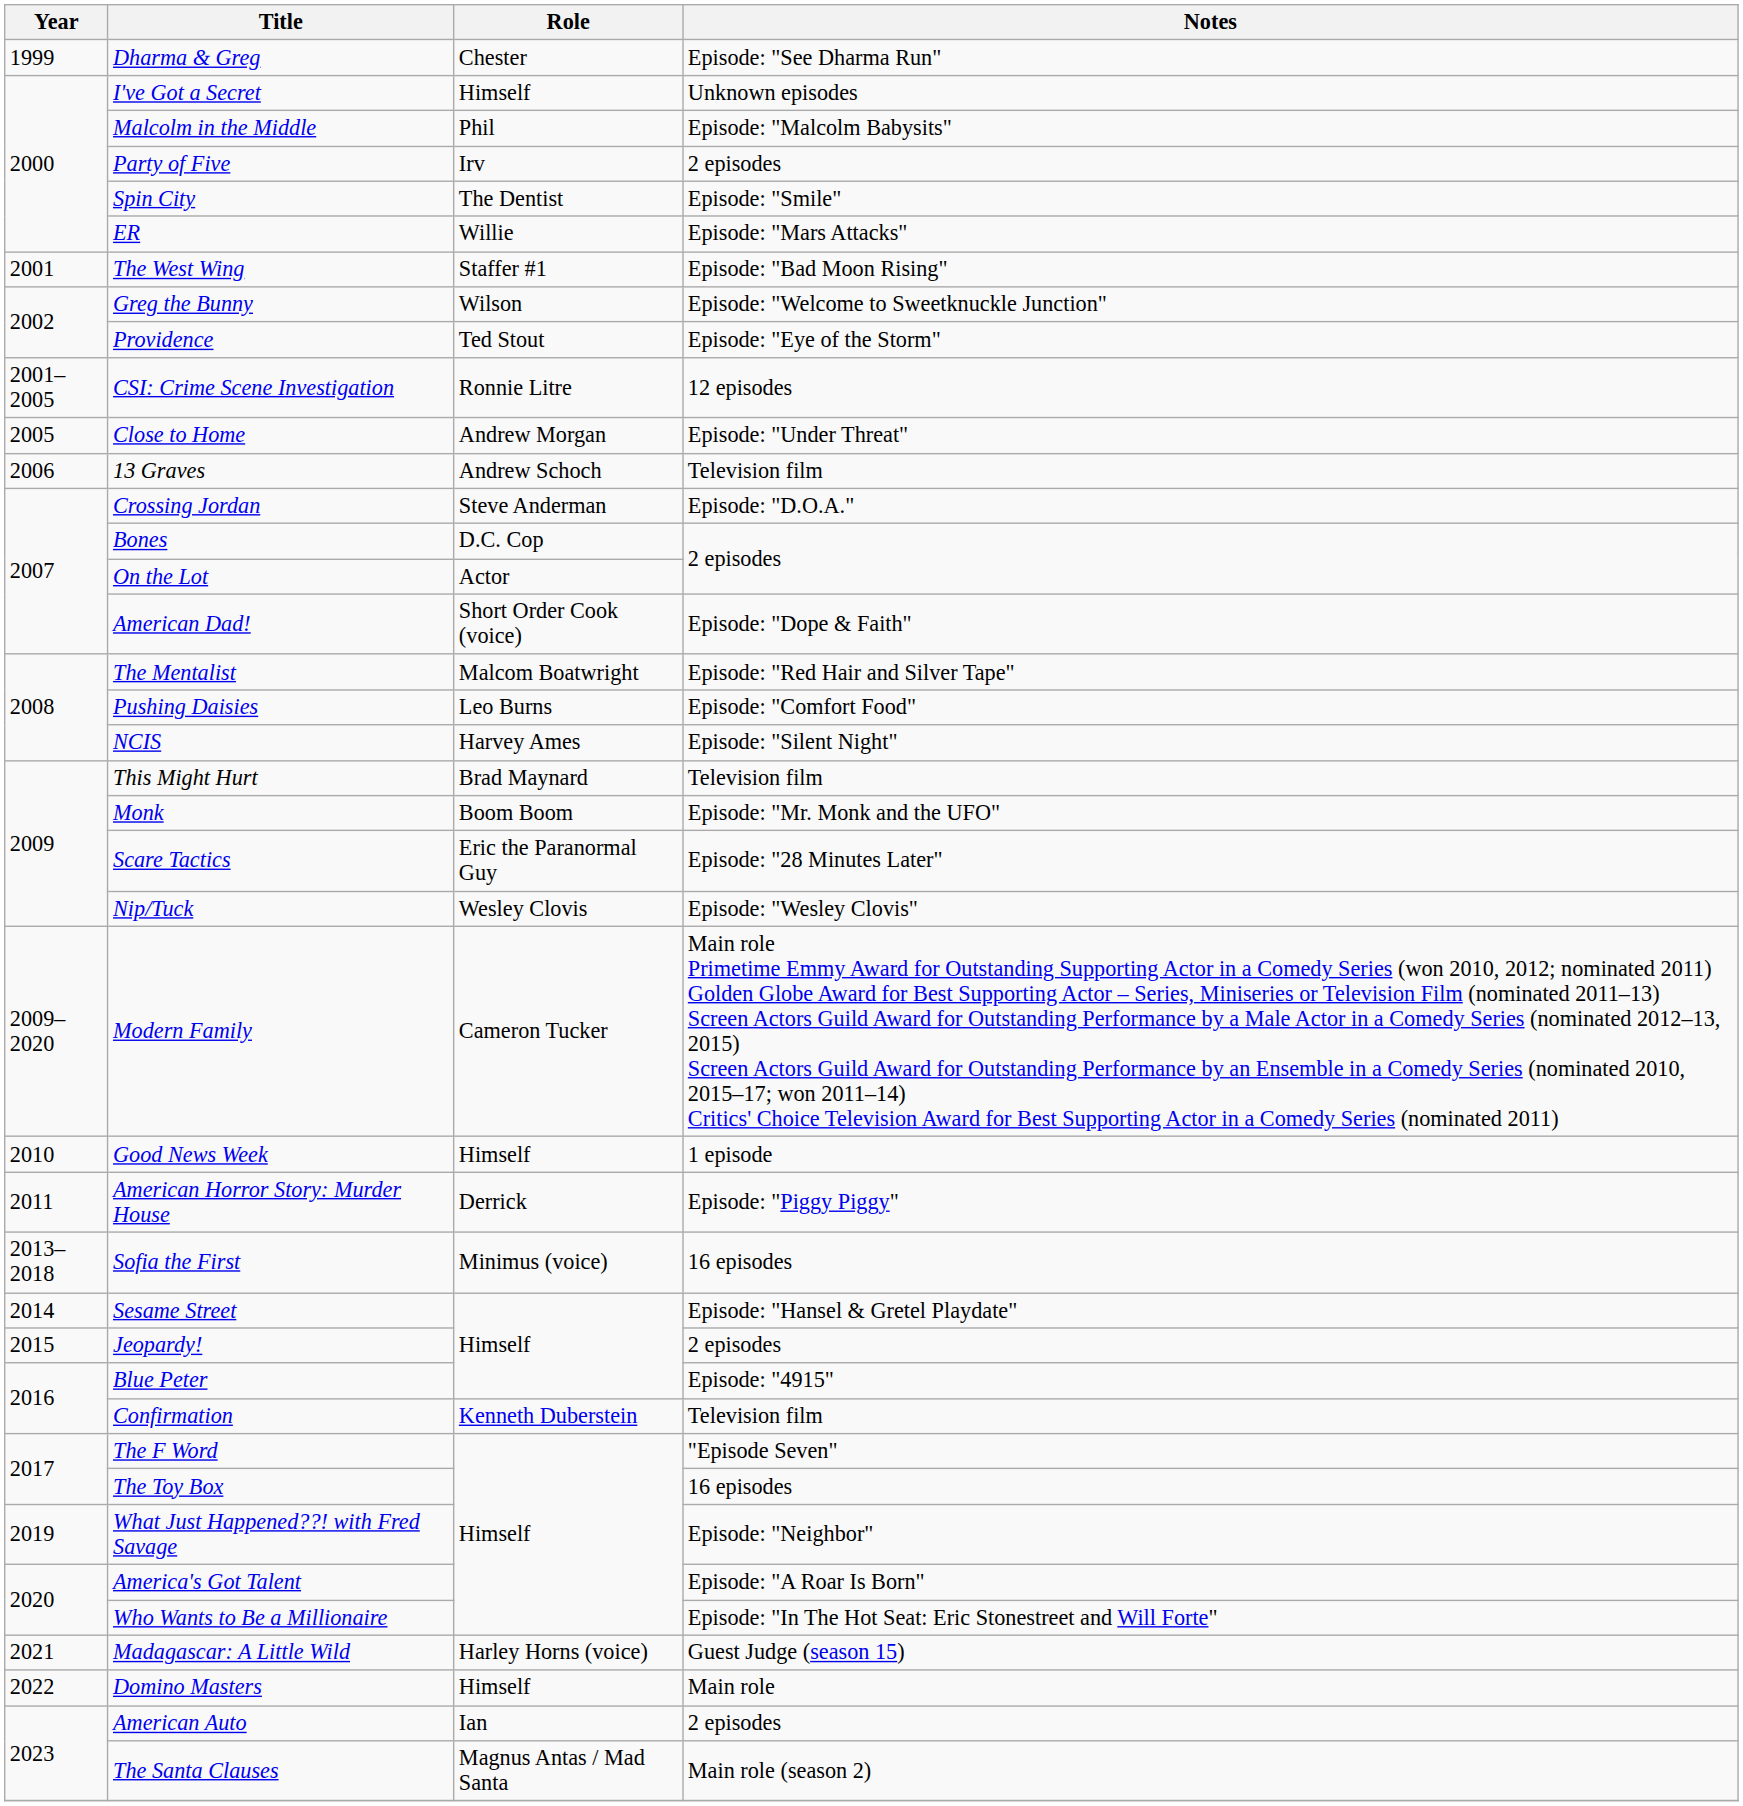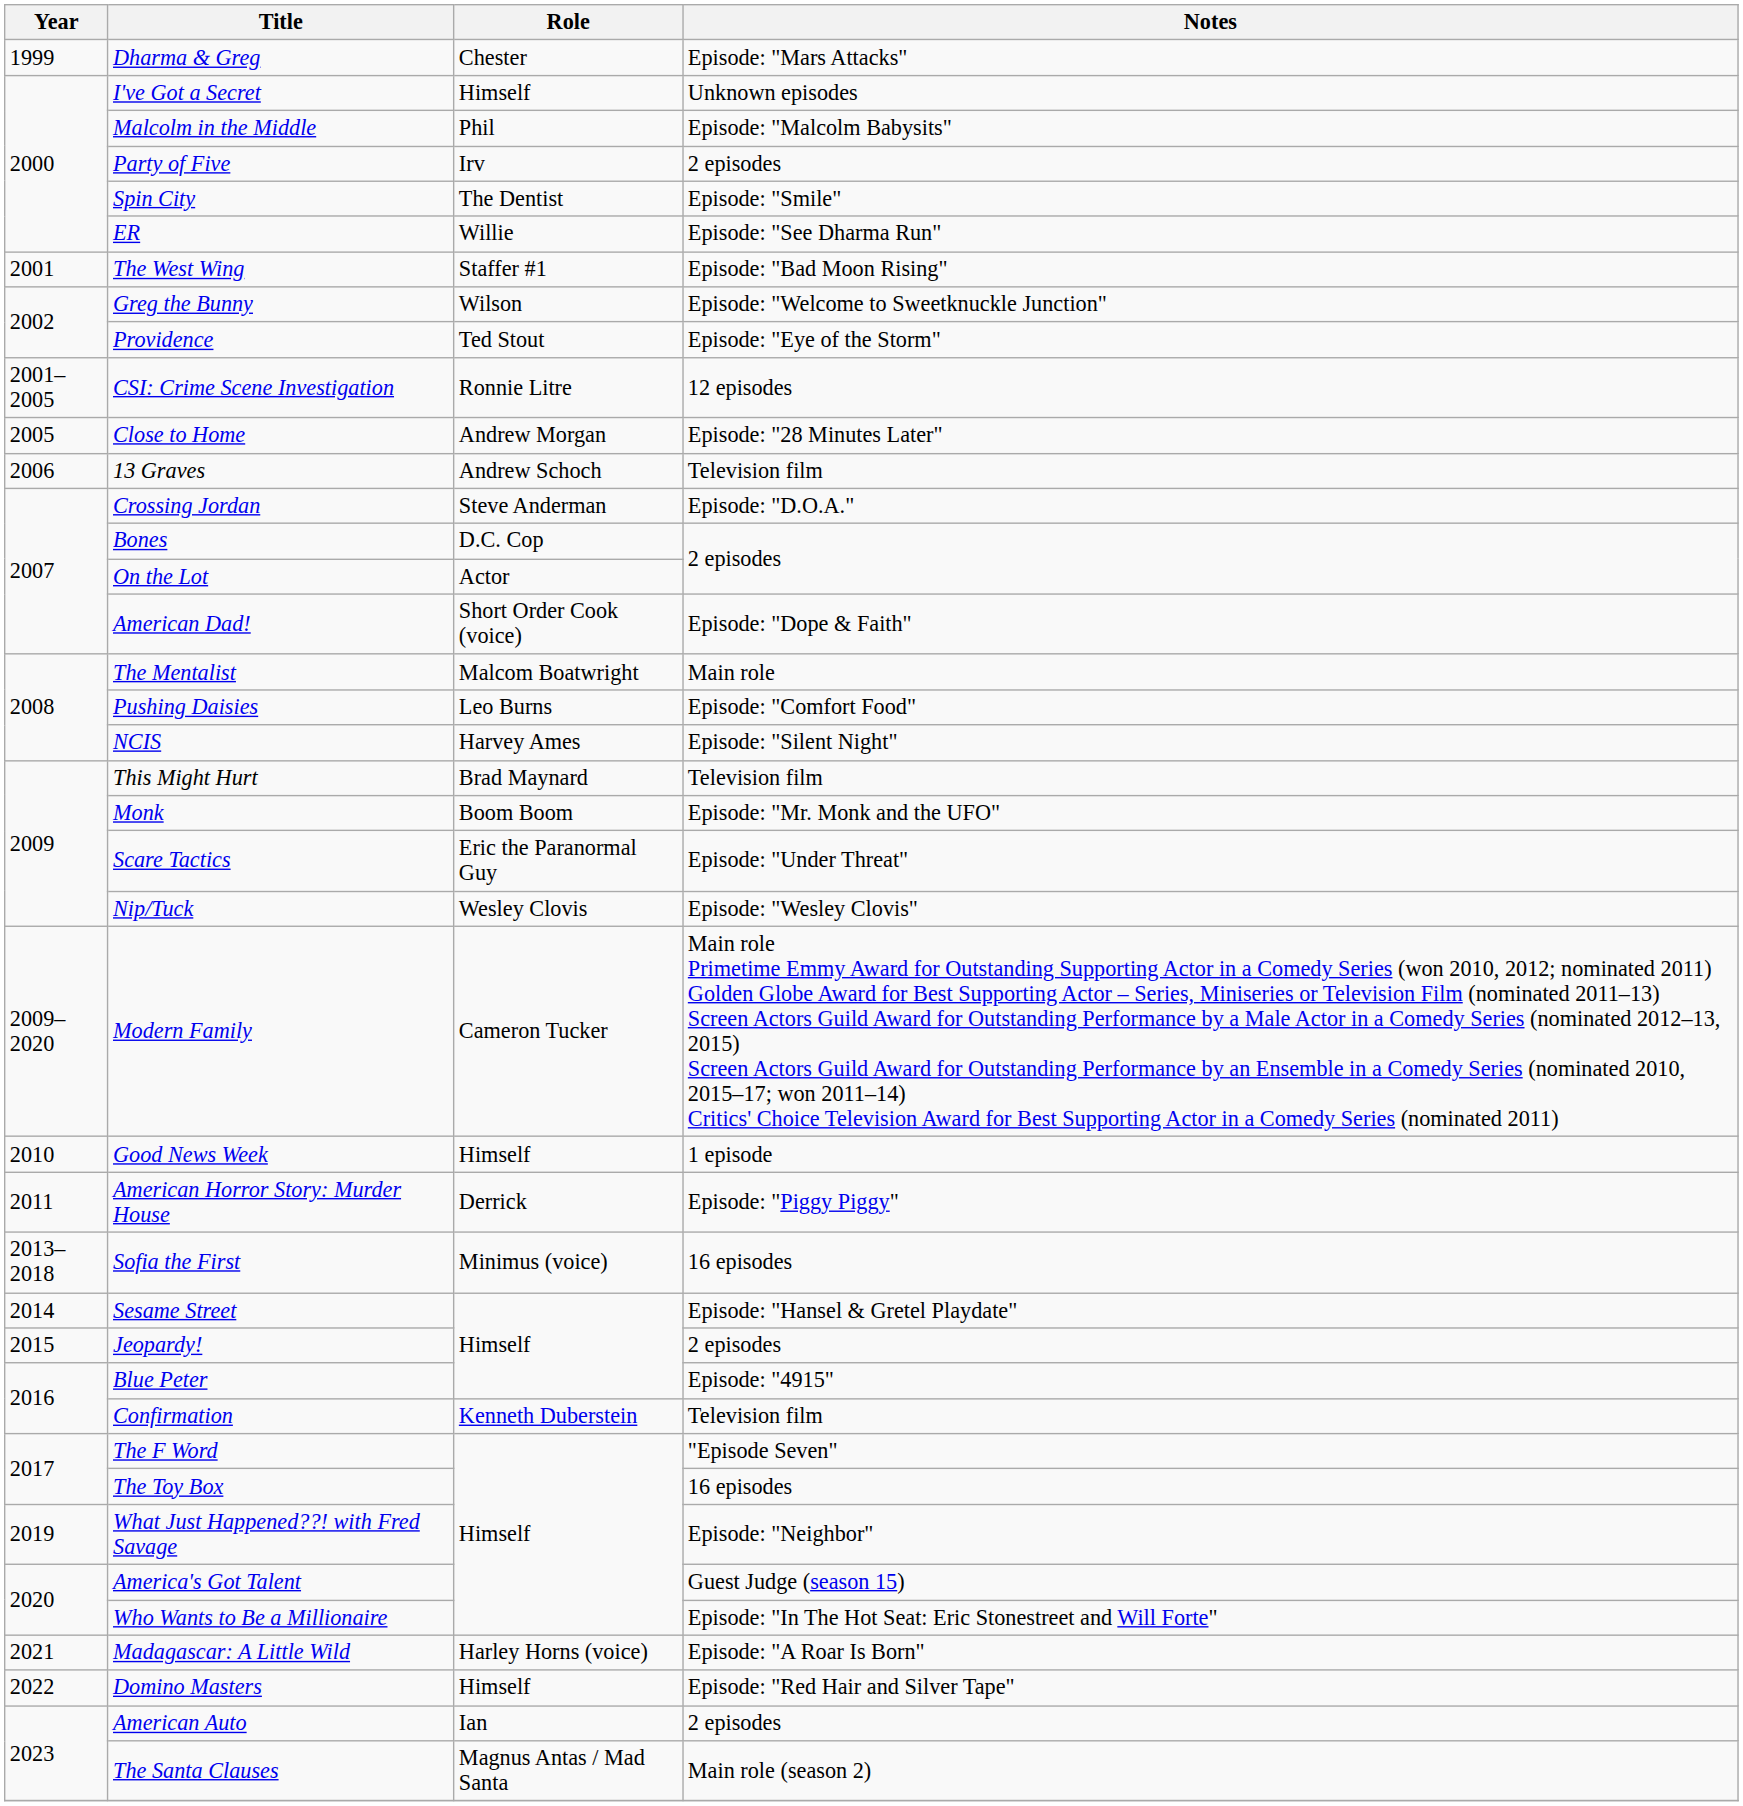 <table class="wikitable sortable">
 <tr>
 <th>Year</th>
 <th>Title</th>
 <th>Role</th>
 <th class="unsortable">Notes</th>
 </tr>
 <tr>
 <td>1999</td>
 <td><em><a href='#'>Dharma & Greg</a></em></td>
 <td>Chester</td>
-<td>Episode: "See Dharma Run"</td>
+<td>Episode: "Mars Attacks"</td>
 </tr>
 <tr>
 <td rowspan="5">2000</td>
 <td><em><a href='#'>I've Got a Secret</a></em></td>
 <td>Himself</td>
 <td>Unknown episodes</td>
 </tr>
 <tr>
 <td><em><a href='#'>Malcolm in the Middle</a></em></td>
 <td>Phil</td>
 <td>Episode: "Malcolm Babysits"</td>
 </tr>
 <tr>
 <td><em><a href='#'>Party of Five</a></em></td>
 <td>Irv</td>
 <td>2 episodes</td>
 </tr>
 <tr>
 <td><em><a href='#'>Spin City</a></em></td>
 <td>The Dentist</td>
 <td>Episode: "Smile"</td>
 </tr>
 <tr>
 <td><em><a href='#'>ER</a></em></td>
 <td>Willie</td>
-<td>Episode: "Mars Attacks"</td>
+<td>Episode: "See Dharma Run"</td>
 </tr>
 <tr>
 <td>2001</td>
 <td><em><a href='#'>The West Wing</a></em></td>
 <td>Staffer #1</td>
 <td>Episode: "Bad Moon Rising"</td>
 </tr>
 <tr>
 <td rowspan="2">2002</td>
 <td><em><a href='#'>Greg the Bunny</a></em></td>
 <td>Wilson</td>
 <td>Episode: "Welcome to Sweetknuckle Junction"</td>
 </tr>
 <tr>
 <td><em><a href='#'>Providence</a></em></td>
 <td>Ted Stout</td>
 <td>Episode: "Eye of the Storm"</td>
 </tr>
 <tr>
 <td>2001–2005</td>
 <td><em><a href='#'>CSI: Crime Scene Investigation</a></em></td>
 <td>Ronnie Litre</td>
 <td>12 episodes</td>
 </tr>
 <tr>
 <td>2005</td>
 <td><em><a href='#'>Close to Home</a></em></td>
 <td>Andrew Morgan</td>
-<td>Episode: "Under Threat"</td>
+<td>Episode: "28 Minutes Later"</td>
 </tr>
 <tr>
 <td>2006</td>
 <td><em>13 Graves</em></td>
 <td>Andrew Schoch</td>
 <td>Television film</td>
 </tr>
 <tr>
 <td rowspan="4">2007</td>
 <td><em><a href='#'>Crossing Jordan</a></em></td>
 <td>Steve Anderman</td>
 <td>Episode: "D.O.A."</td>
 </tr>
 <tr>
 <td><em><a href='#'>Bones</a></em></td>
 <td>D.C. Cop</td>
 <td rowspan="2">2 episodes</td>
 </tr>
 <tr>
 <td><em><a href='#'>On the Lot</a></em></td>
 <td>Actor</td>
 </tr>
 <tr>
 <td><em><a href='#'>American Dad!</a></em></td>
 <td>Short Order Cook (voice)</td>
 <td>Episode: "Dope & Faith"</td>
 </tr>
 <tr>
 <td rowspan="3">2008</td>
 <td><em><a href='#'>The Mentalist</a></em></td>
 <td>Malcom Boatwright</td>
-<td>Episode: "Red Hair and Silver Tape"</td>
+<td>Main role</td>
 </tr>
 <tr>
 <td><em><a href='#'>Pushing Daisies</a></em></td>
 <td>Leo Burns</td>
 <td>Episode: "Comfort Food"</td>
 </tr>
 <tr>
 <td><em><a href='#'>NCIS</a></em></td>
 <td>Harvey Ames</td>
 <td>Episode: "Silent Night"</td>
 </tr>
 <tr>
 <td rowspan="4">2009</td>
 <td><em>This Might Hurt</em></td>
 <td>Brad Maynard</td>
 <td>Television film</td>
 </tr>
 <tr>
 <td><em><a href='#'>Monk</a></em></td>
 <td>Boom Boom</td>
 <td>Episode: "Mr. Monk and the UFO"</td>
 </tr>
 <tr>
 <td><em><a href='#'>Scare Tactics</a></em></td>
 <td>Eric the Paranormal Guy</td>
-<td>Episode: "28 Minutes Later"</td>
+<td>Episode: "Under Threat"</td>
 </tr>
 <tr>
 <td><em><a href='#'>Nip/Tuck</a></em></td>
 <td>Wesley Clovis</td>
 <td>Episode: "Wesley Clovis"</td>
 </tr>
 <tr>
 <td>2009–2020</td>
 <td><em><a href='#'>Modern Family</a></em></td>
 <td>Cameron Tucker</td>
 <td>Main role<br><a href='#'>Primetime Emmy Award for Outstanding Supporting Actor in a Comedy Series</a> (won 2010, 2012; nominated 2011)<br><a href='#'>Golden Globe Award for Best Supporting Actor – Series, Miniseries or Television Film</a> (nominated 2011–13)<br><a href='#'>Screen Actors Guild Award for Outstanding Performance by a Male Actor in a Comedy Series</a> (nominated 2012–13, 2015)<br><a href='#'>Screen Actors Guild Award for Outstanding Performance by an Ensemble in a Comedy Series</a> (nominated 2010, 2015–17; won 2011–14)<br><a href='#'>Critics' Choice Television Award for Best Supporting Actor in a Comedy Series</a> (nominated 2011)</td>
 </tr>
 <tr>
 <td>2010</td>
 <td><em><a href='#'>Good News Week</a></em></td>
 <td>Himself</td>
 <td>1 episode</td>
 </tr>
 <tr>
 <td>2011</td>
 <td><em><a href='#'>American Horror Story: Murder House</a></em></td>
 <td>Derrick</td>
 <td>Episode: "<a href='#'>Piggy Piggy</a>"</td>
 </tr>
 <tr>
 <td>2013–2018</td>
 <td><em><a href='#'>Sofia the First</a></em></td>
 <td>Minimus (voice)</td>
 <td>16 episodes</td>
 </tr>
 <tr>
 <td>2014</td>
 <td><em><a href='#'>Sesame Street</a></em></td>
 <td rowspan="3">Himself</td>
 <td>Episode: "Hansel & Gretel Playdate"</td>
 </tr>
 <tr>
 <td>2015</td>
 <td><em><a href='#'>Jeopardy!</a></em></td>
 <td>2 episodes</td>
 </tr>
 <tr>
 <td rowspan="2">2016</td>
 <td><em><a href='#'>Blue Peter</a></em></td>
 <td>Episode: "4915"</td>
 </tr>
 <tr>
 <td><em><a href='#'>Confirmation</a></em></td>
 <td><a href='#'>Kenneth Duberstein</a></td>
 <td>Television film</td>
 </tr>
 <tr>
 <td rowspan="2">2017</td>
 <td><em><a href='#'>The F Word</a></em></td>
 <td rowspan="5">Himself</td>
 <td>"Episode Seven"</td>
 </tr>
 <tr>
 <td><em><a href='#'>The Toy Box</a></em></td>
 <td>16 episodes</td>
 </tr>
 <tr>
 <td>2019</td>
 <td><em><a href='#'>What Just Happened??! with Fred Savage</a></em></td>
 <td>Episode: "Neighbor"</td>
 </tr>
 <tr>
 <td rowspan="2">2020</td>
 <td><em><a href='#'>America's Got Talent</a></em></td>
-<td>Episode: "A Roar Is Born"</td>
+<td>Guest Judge (<a href='#'>season 15</a>)</td>
 </tr>
 <tr>
 <td><em><a href='#'>Who Wants to Be a Millionaire</a></em></td>
 <td>Episode: "In The Hot Seat: Eric Stonestreet and <a href='#'>Will Forte</a>"</td>
 </tr>
 <tr>
 <td>2021</td>
 <td><em><a href='#'>Madagascar: A Little Wild</a></em></td>
 <td>Harley Horns (voice)</td>
-<td>Guest Judge (<a href='#'>season 15</a>)</td>
+<td>Episode: "A Roar Is Born"</td>
 </tr>
 <tr>
 <td>2022</td>
 <td><em><a href='#'>Domino Masters</a></em></td>
 <td>Himself</td>
-<td>Main role</td>
+<td>Episode: "Red Hair and Silver Tape"</td>
 </tr>
 <tr>
 <td rowspan="2">2023</td>
 <td><em><a href='#'>American Auto</a></em></td>
 <td>Ian</td>
 <td>2 episodes</td>
 </tr>
 <tr>
 <td><em><a href='#'>The Santa Clauses</a></em></td>
 <td>Magnus Antas / Mad Santa</td>
 <td>Main role (season 2)</td>
 </tr>
 <tr>
 </tr>
 </table>
